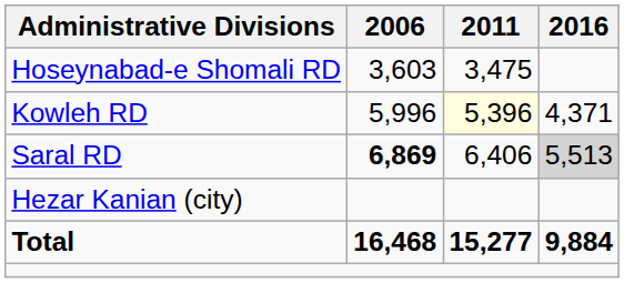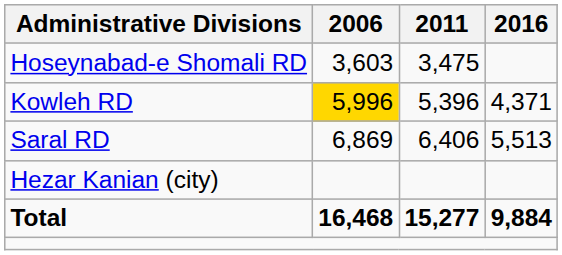 <table class="wikitable">
 <tr>
 <th>Administrative Divisions</th>
 <th>2006</th>
 <th>2011</th>
 <th>2016</th>
 </tr>
 <tr>
 <td><a href='#'>Hoseynabad-e Shomali RD</a></td>
 <td style="text-align: right;">3,603</td>
 <td style="text-align: right;">3,475</td>
 <td style="text-align: right;"></td>
 </tr>
 <tr>
 <td><a href='#'>Kowleh RD</a></td>
-<td style="text-align: right;">5,996</td>
-<td style="background: lightyellow; text-align: right;">5,396</td>
+<td style="background: gold; text-align: right;">5,996</td>
+<td style="text-align: right;">5,396</td>
 <td style="text-align: right;">4,371</td>
 </tr>
 <tr>
 <td><a href='#'>Saral RD</a></td>
-<td style="text-align: right;"><strong>6,869</strong></td>
+<td style="text-align: right;">6,869</td>
 <td style="text-align: right;">6,406</td>
-<td style="background: lightgrey; text-align: right;">5,513</td>
+<td style="text-align: right;">5,513</td>
 </tr>
 <tr>
 <td><a href='#'>Hezar Kanian</a> (city)</td>
 <td style="text-align: right;"></td>
 <td style="text-align: right;"></td>
 <td style="text-align: right;"></td>
 </tr>
 <tr>
 <td><strong>Total</strong></td>
 <td style="text-align: right;"><strong>16,468</strong></td>
 <td style="text-align: right;"><strong>15,277</strong></td>
 <td style="text-align: right;"><strong>9,884</strong></td>
 </tr>
 <tr>
 <td colspan=4></td>
 </tr>
 </table>
